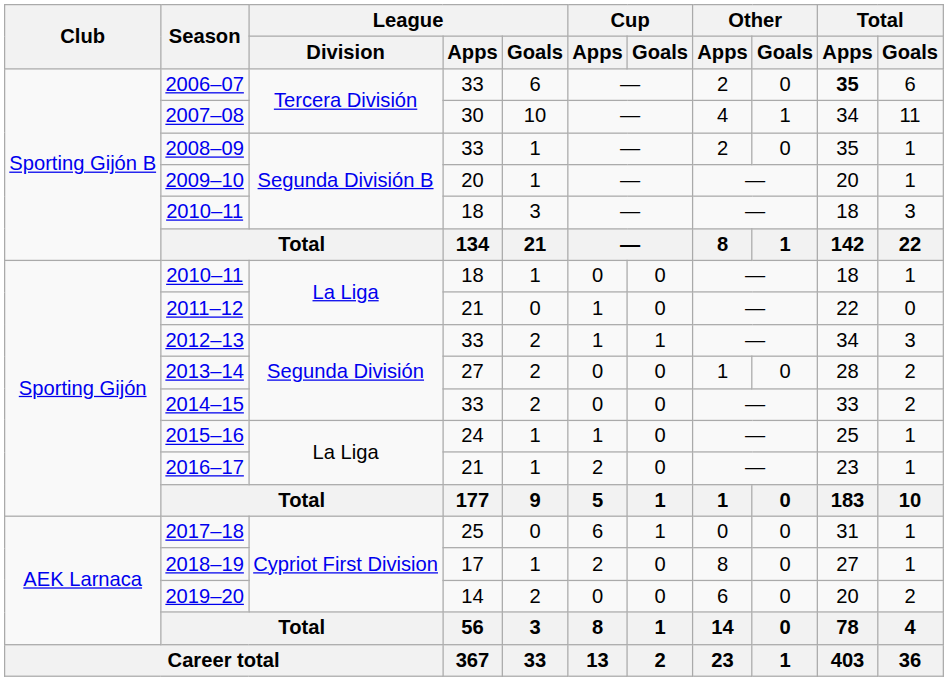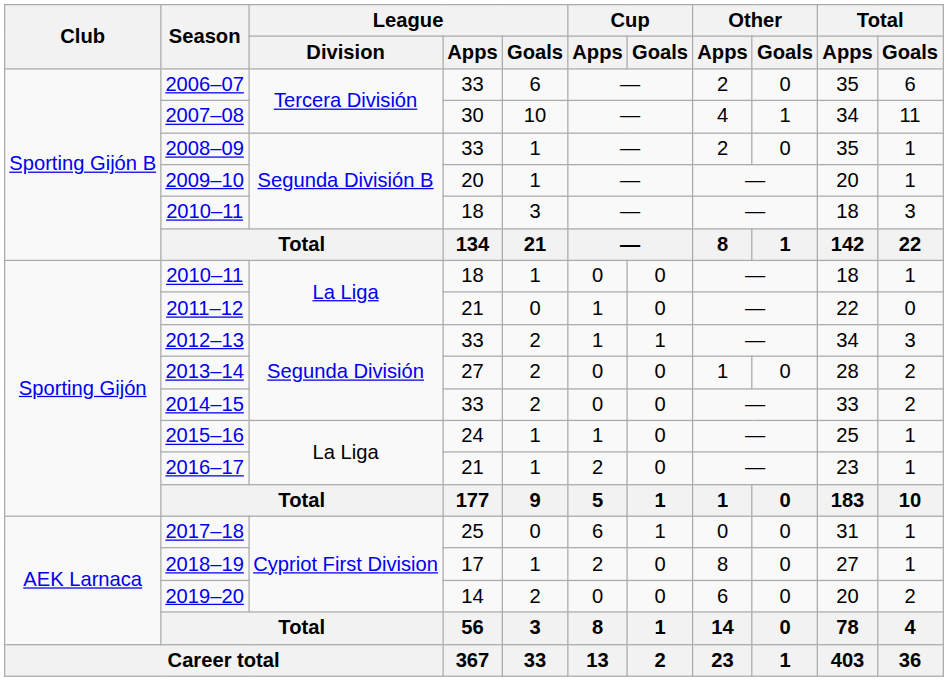 <table class="wikitable" style="text-align:center">
 <tr>
 <th rowspan="2">Club</th>
 <th rowspan="2">Season</th>
 <th colspan="3">League</th>
 <th colspan="2">Cup</th>
 <th colspan="2">Other</th>
 <th colspan="2">Total</th>
 </tr>
 <tr>
 <th>Division</th>
 <th>Apps</th>
 <th>Goals</th>
 <th>Apps</th>
 <th>Goals</th>
 <th>Apps</th>
 <th>Goals</th>
 <th>Apps</th>
 <th>Goals</th>
 </tr>
 <tr>
 <td rowspan="6"><a href='#'>Sporting Gijón B</a></td>
 <td><a href='#'>2006–07</a></td>
 <td rowspan="2"><a href='#'>Tercera División</a></td>
 <td>33</td>
 <td>6</td>
 <td colspan="2">—</td>
 <td>2</td>
 <td>0</td>
-<td><strong>35</strong></td>
+<td>35</td>
 <td>6</td>
 </tr>
 <tr>
 <td><a href='#'>2007–08</a></td>
 <td>30</td>
 <td>10</td>
 <td colspan="2">—</td>
 <td>4</td>
 <td>1</td>
 <td>34</td>
 <td>11</td>
 </tr>
 <tr>
 <td><a href='#'>2008–09</a></td>
 <td rowspan="3"><a href='#'>Segunda División B</a></td>
 <td>33</td>
 <td>1</td>
 <td colspan="2">—</td>
 <td>2</td>
 <td>0</td>
 <td>35</td>
 <td>1</td>
 </tr>
 <tr>
 <td><a href='#'>2009–10</a></td>
 <td>20</td>
 <td>1</td>
 <td colspan="2">—</td>
 <td colspan="2">—</td>
 <td>20</td>
 <td>1</td>
 </tr>
 <tr>
 <td><a href='#'>2010–11</a></td>
 <td>18</td>
 <td>3</td>
 <td colspan="2">—</td>
 <td colspan="2">—</td>
 <td>18</td>
 <td>3</td>
 </tr>
 <tr>
 <th colspan="2">Total</th>
 <th>134</th>
 <th>21</th>
 <th colspan="2">—</th>
 <th>8</th>
 <th>1</th>
 <th>142</th>
 <th>22</th>
 </tr>
 <tr>
 <td rowspan="8"><a href='#'>Sporting Gijón</a></td>
 <td><a href='#'>2010–11</a></td>
 <td rowspan="2"><a href='#'>La Liga</a></td>
 <td>18</td>
 <td>1</td>
 <td>0</td>
 <td>0</td>
 <td colspan="2">—</td>
 <td>18</td>
 <td>1</td>
 </tr>
 <tr>
 <td><a href='#'>2011–12</a></td>
 <td>21</td>
 <td>0</td>
 <td>1</td>
 <td>0</td>
 <td colspan="2">—</td>
 <td>22</td>
 <td>0</td>
 </tr>
 <tr>
 <td><a href='#'>2012–13</a></td>
 <td rowspan="3"><a href='#'>Segunda División</a></td>
 <td>33</td>
 <td>2</td>
 <td>1</td>
 <td>1</td>
 <td colspan="2">—</td>
 <td>34</td>
 <td>3</td>
 </tr>
 <tr>
 <td><a href='#'>2013–14</a></td>
 <td>27</td>
 <td>2</td>
 <td>0</td>
 <td>0</td>
 <td>1</td>
 <td>0</td>
 <td>28</td>
 <td>2</td>
 </tr>
 <tr>
 <td><a href='#'>2014–15</a></td>
 <td>33</td>
 <td>2</td>
 <td>0</td>
 <td>0</td>
 <td colspan="2">—</td>
 <td>33</td>
 <td>2</td>
 </tr>
 <tr>
 <td><a href='#'>2015–16</a></td>
 <td rowspan="2">La Liga</td>
 <td>24</td>
 <td>1</td>
 <td>1</td>
 <td>0</td>
 <td colspan="2">—</td>
 <td>25</td>
 <td>1</td>
 </tr>
 <tr>
 <td><a href='#'>2016–17</a></td>
 <td>21</td>
 <td>1</td>
 <td>2</td>
 <td>0</td>
 <td colspan="2">—</td>
 <td>23</td>
 <td>1</td>
 </tr>
 <tr>
 <th colspan="2">Total</th>
 <th>177</th>
 <th>9</th>
 <th>5</th>
 <th>1</th>
 <th>1</th>
 <th>0</th>
 <th>183</th>
 <th>10</th>
 </tr>
 <tr>
 <td rowspan="4"><a href='#'>AEK Larnaca</a></td>
 <td><a href='#'>2017–18</a></td>
 <td rowspan="3"><a href='#'>Cypriot First Division</a></td>
 <td>25</td>
 <td>0</td>
 <td>6</td>
 <td>1</td>
 <td>0</td>
 <td>0</td>
 <td>31</td>
 <td>1</td>
 </tr>
 <tr>
 <td><a href='#'>2018–19</a></td>
 <td>17</td>
 <td>1</td>
 <td>2</td>
 <td>0</td>
 <td>8</td>
 <td>0</td>
 <td>27</td>
 <td>1</td>
 </tr>
 <tr>
 <td><a href='#'>2019–20</a></td>
 <td>14</td>
 <td>2</td>
 <td>0</td>
 <td>0</td>
 <td>6</td>
 <td>0</td>
 <td>20</td>
 <td>2</td>
 </tr>
 <tr>
 <th colspan="2">Total</th>
 <th>56</th>
 <th>3</th>
 <th>8</th>
 <th>1</th>
 <th>14</th>
 <th>0</th>
 <th>78</th>
 <th>4</th>
 </tr>
 <tr>
 <th colspan="3">Career total</th>
 <th>367</th>
 <th>33</th>
 <th>13</th>
 <th>2</th>
 <th>23</th>
 <th>1</th>
 <th>403</th>
 <th>36</th>
 </tr>
 </table>
